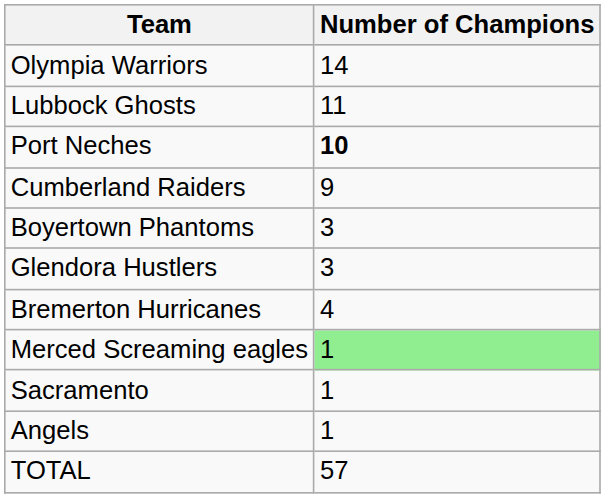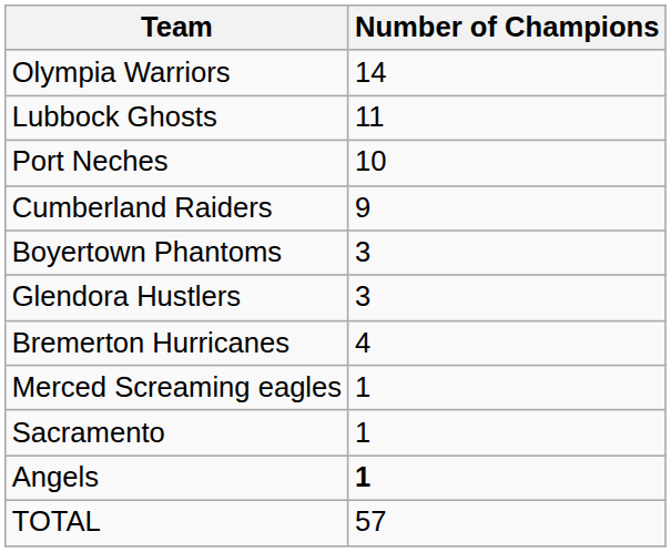 <table class="wikitable">
 <tr>
 <th>Team</th>
 <th>Number of Champions</th>
 </tr>
 <tr>
 <td>Olympia Warriors</td>
 <td>14</td>
 </tr>
 <tr>
 <td>Lubbock Ghosts</td>
 <td>11</td>
 </tr>
 <tr>
 <td>Port Neches</td>
-<td><strong>10</strong></td>
+<td>10</td>
 </tr>
 <tr>
 <td>Cumberland Raiders</td>
 <td>9</td>
 </tr>
 <tr>
 <td>Boyertown Phantoms</td>
 <td>3</td>
 </tr>
 <tr>
 <td>Glendora Hustlers</td>
 <td>3</td>
 </tr>
 <tr>
 <td>Bremerton Hurricanes</td>
 <td>4</td>
 </tr>
 <tr>
 <td>Merced Screaming eagles</td>
-<td style="background: lightgreen;">1</td>
+<td>1</td>
 </tr>
 <tr>
 <td>Sacramento</td>
 <td>1</td>
 </tr>
 <tr>
 <td>Angels</td>
-<td>1</td>
+<td><strong>1</strong></td>
 </tr>
 <tr>
 <td>TOTAL</td>
 <td>57</td>
 </tr>
 </table>
